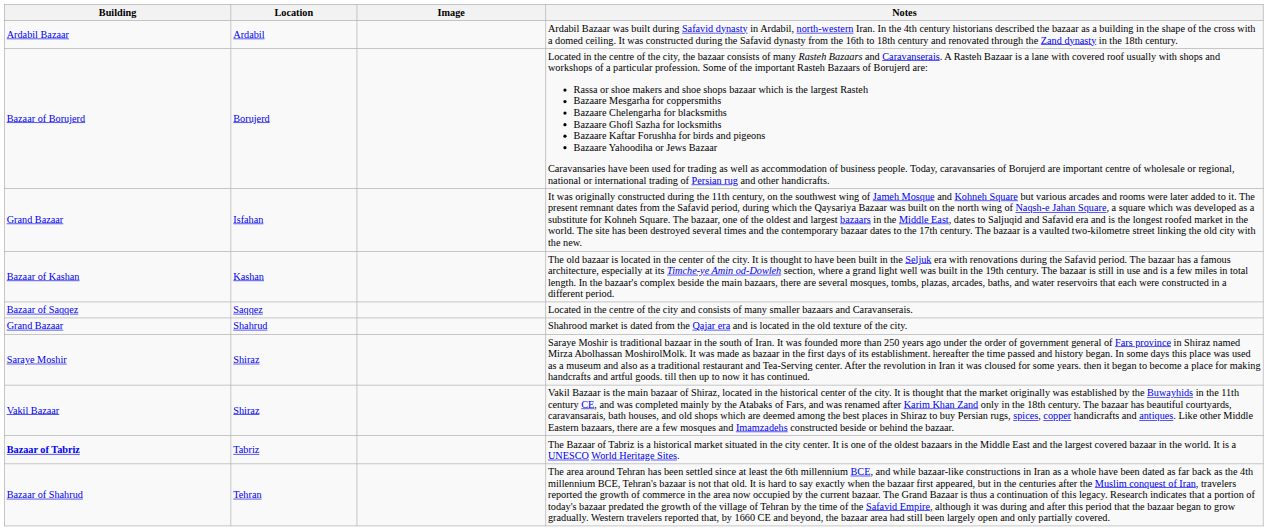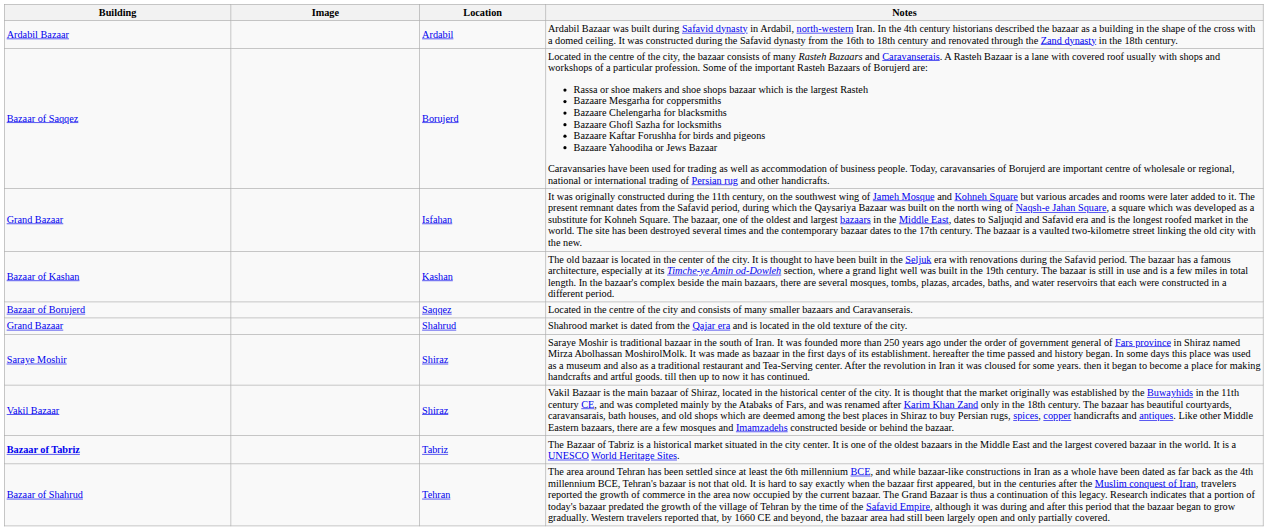 <table class="wikitable sortable">
 <tr>
 <th class="unsortable"; style="width:18%">Building</th>
+<th class="unsortable"; style="width:15%">Image</th>
 <th style="width:10%">Location</th>
-<th class="unsortable"; style="width:15%">Image</th>
 <th class="unsortable"; style="width:57%">Notes</th>
 </tr>
 <tr>
 <td><a href='#'>Ardabil Bazaar</a></td>
+<td align="center"></td>
 <td><a href='#'>Ardabil</a></td>
-<td align="center"></td>
 <td>Ardabil Bazaar was built during <a href='#'>Safavid dynasty</a> in Ardabil, <a href='#'>north-western</a> Iran. In the 4th century historians described the bazaar as a building in the shape of the cross with a domed ceiling.  It was constructed during the Safavid dynasty from the 16th to 18th century and renovated through the <a href='#'>Zand dynasty</a> in the 18th century.</td>
 </tr>
 <tr>
-<td><a href='#'>Bazaar of Borujerd</a></td>
+<td><a href='#'>Bazaar of Saqqez</a></td>
+<td align="center"></td>
 <td><a href='#'>Borujerd</a></td>
-<td align="center"></td>
 <td>Located in the centre of the city, the bazaar consists of many <em>Rasteh Bazaars</em> and <a href='#'>Caravanserais</a>. A Rasteh Bazaar is a lane with covered roof usually with shops and workshops of a particular profession. Some of the important Rasteh Bazaars of Borujerd are:<br><ul><li>Rassa or shoe makers and shoe shops bazaar which is the largest Rasteh</li><li>Bazaare Mesgarha for coppersmiths</li><li>Bazaare Chelengarha for blacksmiths</li><li>Bazaare Ghofl Sazha for locksmiths</li><li>Bazaare Kaftar Forushha for birds and pigeons</li><li>Bazaare Yahoodiha or Jews Bazaar</li></ul>Caravansaries have been used for trading as well as accommodation of business people. Today, caravansaries of Borujerd are important centre of wholesale or regional, national or international trading of <a href='#'>Persian rug</a> and other handicrafts.</td>
 </tr>
 <tr>
 <td><a href='#'>Grand Bazaar</a></td>
+<td align="center"></td>
 <td><a href='#'>Isfahan</a></td>
-<td align="center"></td>
 <td>It was originally constructed during the 11th century, on the southwest wing of <a href='#'>Jameh Mosque</a> and <a href='#'>Kohneh Square</a> but various arcades and rooms were later added to it. The present remnant dates from the Safavid period, during which the Qaysariya Bazaar was built on the north wing of <a href='#'>Naqsh-e Jahan Square</a>, a square which was developed as a substitute for Kohneh Square. The bazaar, one of the oldest and largest <a href='#'>bazaars</a> in the <a href='#'>Middle East</a>, dates to Saljuqid and Safavid era and is the longest roofed market in the world. The site has been destroyed several times and the contemporary bazaar dates to the 17th century. The bazaar is a vaulted two-kilometre street linking the old city with the new.</td>
 </tr>
 <tr>
 <td><a href='#'>Bazaar of Kashan</a></td>
+<td align="center"></td>
 <td><a href='#'>Kashan</a></td>
-<td align="center"></td>
 <td>The old bazaar is located in the center of the city. It is thought to have been built in the <a href='#'>Seljuk</a> era with renovations during the Safavid period. The bazaar has a famous architecture, especially at its <em><a href='#'>Timche-ye Amin od-Dowleh</a></em> section, where a grand light well was built in the 19th century. The bazaar is still in use and is a few miles in total length. In the bazaar's complex beside the main bazaars, there are several mosques, tombs, plazas, arcades, baths, and water reservoirs that each were constructed in a different period.</td>
 </tr>
 <tr>
-<td><a href='#'>Bazaar of Saqqez</a></td>
+<td><a href='#'>Bazaar of Borujerd</a></td>
+<td align="center"></td>
 <td><a href='#'>Saqqez</a></td>
-<td align="center"></td>
 <td>Located in the centre of the city and consists of many smaller bazaars and Caravanserais.</td>
 </tr>
 <tr>
 <td><a href='#'>Grand Bazaar</a></td>
+<td align="center"></td>
 <td><a href='#'>Shahrud</a></td>
-<td align="center"></td>
 <td>Shahrood market is dated from the <a href='#'>Qajar era</a> and is located in the old texture of the city.</td>
 </tr>
 <tr>
 <td><a href='#'>Saraye Moshir</a></td>
+<td align="center"></td>
 <td><a href='#'>Shiraz</a></td>
-<td align="center"></td>
 <td>Saraye Moshir is traditional bazaar in the south of Iran. It was founded more than 250 years ago under the order of government general of <a href='#'>Fars province</a> in Shiraz named Mirza Abolhassan MoshirolMolk. It was made as bazaar in the first days of its establishment. hereafter the time passed and history began. In some days this place was used as a museum and also as a traditional restaurant and Tea-Serving center. After the revolution in Iran it was cloused for some years. then it began to become a place for making handcrafts and artful goods. till then up to now it has continued.</td>
 </tr>
 <tr>
 <td><a href='#'>Vakil Bazaar</a></td>
+<td align="center"></td>
 <td><a href='#'>Shiraz</a></td>
-<td align="center"></td>
 <td>Vakil Bazaar is the main bazaar of Shiraz, located in the historical center of the city. It is thought that the market originally was established by the <a href='#'>Buwayhids</a> in the 11th century <a href='#'>CE</a>, and was completed mainly by the Atabaks of Fars, and was renamed after <a href='#'>Karim Khan Zand</a> only in the 18th century. The bazaar has beautiful courtyards, caravansarais, bath houses, and old shops which are deemed among the best places in Shiraz to buy Persian rugs, <a href='#'>spices</a>, <a href='#'>copper</a> handicrafts and <a href='#'>antiques</a>. Like other Middle Eastern bazaars, there are a few mosques and <a href='#'>Imamzadehs</a> constructed beside or behind the bazaar.</td>
 </tr>
 <tr>
 <td><strong><a href='#'>Bazaar of Tabriz</a></strong></td>
+<td align="center"></td>
 <td><a href='#'>Tabriz</a></td>
-<td align="center"></td>
 <td>The Bazaar of Tabriz is a historical market situated in the city center. It is one of the oldest bazaars in the Middle East and the largest covered bazaar in the world. It is a <a href='#'>UNESCO</a> <a href='#'>World Heritage Sites</a>.</td>
 </tr>
 <tr>
 <td><a href='#'>Bazaar of Shahrud</a></td>
+<td align="center"></td>
 <td><a href='#'>Tehran</a></td>
-<td align="center"></td>
 <td>The area around Tehran has been settled since at least the 6th millennium <a href='#'>BCE</a>, and while bazaar-like constructions in Iran as a whole have been dated as far back as the 4th millennium BCE, Tehran's bazaar is not that old. It is hard to say exactly when the bazaar first appeared, but in the centuries after the <a href='#'>Muslim conquest of Iran</a>, travelers reported the growth of commerce in the area now occupied by the current bazaar. The Grand Bazaar is thus a continuation of this legacy. Research indicates that a portion of today's bazaar predated the growth of the village of Tehran by the time of the <a href='#'>Safavid Empire</a>, although it was during and after this period that the bazaar began to grow gradually. Western travelers reported that, by 1660 CE and beyond, the bazaar area had still been largely open and only partially covered.</td>
 </tr>
 </table>
